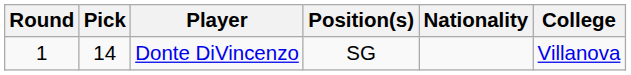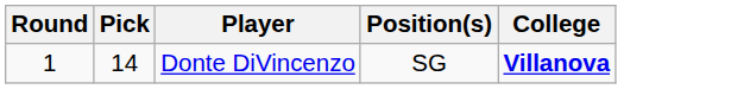 <table class="wikitable sortable sortable">
 <tr>
 <th>Round</th>
 <th>Pick</th>
 <th>Player</th>
 <th>Position(s)</th>
-<th>Nationality</th>
 <th>College</th>
 </tr>
 <tr style="text-align: center">
 <td>1</td>
 <td>14</td>
 <td><a href='#'>Donte DiVincenzo</a></td>
 <td>SG</td>
-<td></td>
-<td><a href='#'>Villanova</a></td>
+<td><strong><a href='#'>Villanova</a></strong></td>
 </tr>
 </table>
